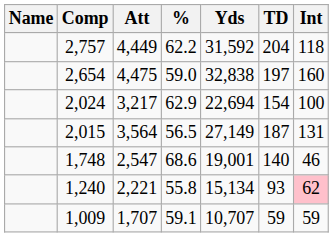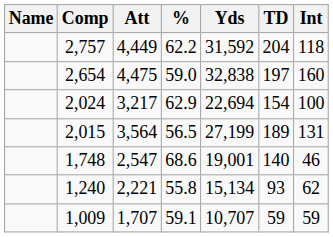 <table class="wikitable sortable" style="text-align:center">
 <tr>
 <th scope="col">Name</th>
 <th scope="col">Comp</th>
 <th scope="col">Att</th>
 <th scope="col">%</th>
 <th scope="col">Yds</th>
 <th scope="col">TD</th>
 <th scope="col">Int</th>
 </tr>
 <tr>
 <td></td>
 <td>2,757</td>
 <td>4,449</td>
 <td>62.2</td>
 <td>31,592</td>
 <td>204</td>
 <td>118</td>
 </tr>
 <tr>
 <td></td>
 <td>2,654</td>
 <td>4,475</td>
 <td>59.0</td>
 <td>32,838</td>
 <td>197</td>
 <td>160</td>
 </tr>
 <tr>
 <td></td>
 <td>2,024</td>
 <td>3,217</td>
 <td>62.9</td>
 <td>22,694</td>
 <td>154</td>
 <td>100</td>
 </tr>
 <tr>
 <td></td>
 <td>2,015</td>
 <td>3,564</td>
 <td>56.5</td>
-<td>27,149</td>
-<td>187</td>
+<td>27,199</td>
+<td>189</td>
 <td>131</td>
 </tr>
 <tr>
 <td></td>
 <td>1,748</td>
 <td>2,547</td>
 <td>68.6</td>
 <td>19,001</td>
 <td>140</td>
 <td>46</td>
 </tr>
 <tr>
 <td></td>
 <td>1,240</td>
 <td>2,221</td>
 <td>55.8</td>
 <td>15,134</td>
 <td>93</td>
-<td style="background: pink;">62</td>
+<td>62</td>
 </tr>
 <tr>
 <td></td>
 <td>1,009</td>
 <td>1,707</td>
 <td>59.1</td>
 <td>10,707</td>
 <td>59</td>
 <td>59</td>
 </tr>
 </table>
